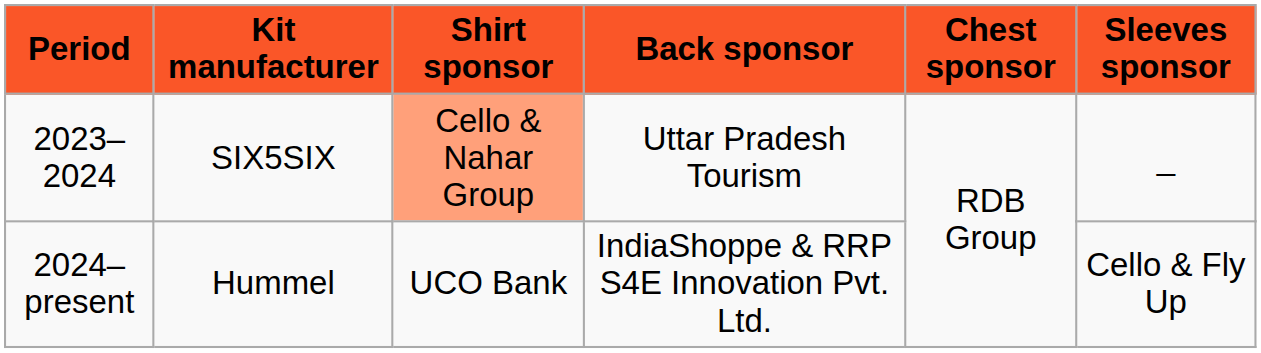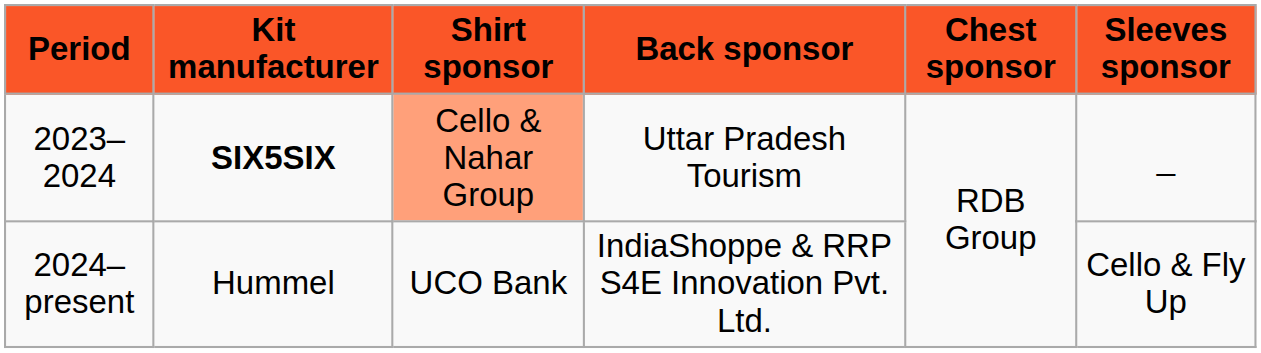 <table class="wikitable" style="text-align:center;">
 <tr>
 <th style="background-color:#FA5628; color:#000000;">Period</th>
 <th style="background-color:#FA5628; color:#000000;">Kit manufacturer</th>
 <th style="background-color:#FA5628; color:#000000;">Shirt sponsor</th>
 <th style="background-color:#FA5628; color:#000000;">Back sponsor</th>
 <th style="background-color:#FA5628; color:#000000;">Chest sponsor</th>
 <th style="background-color:#FA5628; color:#000000;">Sleeves sponsor</th>
 </tr>
 <tr>
 <td>2023–2024<br></td>
-<td>SIX5SIX</td>
+<td><strong>SIX5SIX</strong></td>
 <td style="background: lightsalmon;">Cello & Nahar Group</td>
 <td rowspan="2">Uttar Pradesh Tourism</td>
 <td rowspan="3">RDB Group</td>
 <td>_</td>
 </tr>
 <tr>
 <td rowspan="2">2024–present</td>
 <td rowspan="2">Hummel</td>
 <td rowspan="2">UCO Bank</td>
 <td rowspan="2">Cello & Fly Up</td>
 </tr>
 <tr>
 <td>IndiaShoppe & RRP S4E Innovation Pvt. Ltd.</td>
 </tr>
 </table>
